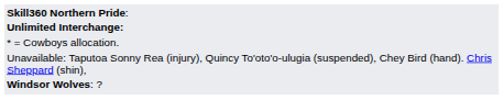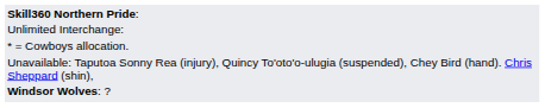 <table style="background:#eaecf0; font-size:85%; width:100%;">
 <tr>
 <td><strong>Skill360 Northern Pride</strong>:             </td>
 </tr>
 <tr>
-<td><strong>Unlimited Interchange:      </strong></td>
+<td>Unlimited Interchange:      </td>
 </tr>
 <tr>
 <td>* = Cowboys allocation.</td>
 </tr>
 <tr>
 <td>Unavailable:  Taputoa Sonny Rea (injury), Quincy To'oto'o-ulugia (suspended), Chey Bird (hand). <a href='#'>Chris Sheppard</a> (shin),</td>
 </tr>
 <tr>
 <td><strong>Windsor Wolves</strong>: ?</td>
 </tr>
 <tr>
 </tr>
 </table>
